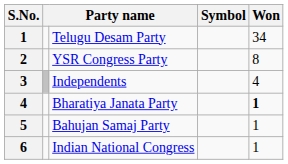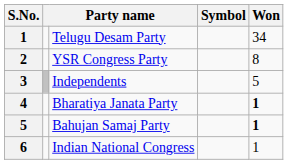 <table CLASS="sortable wikitable">
 <tr>
 <th>S.No.</th>
 <th colspan=2>Party name</th>
 <th>Symbol</th>
 <th>Won</th>
 </tr>
 <tr>
 <th>1</th>
 <td></td>
 <td><a href='#'>Telugu Desam Party</a></td>
 <td></td>
 <td>34</td>
 </tr>
 <tr>
 <th>2</th>
 <td></td>
 <td><a href='#'>YSR Congress Party</a></td>
 <td></td>
 <td>8</td>
 </tr>
 <tr>
 <th>3</th>
 <td bgcolor=#C1C1C1></td>
 <td><a href='#'>Independents</a></td>
 <td></td>
-<td>4</td>
+<td>5</td>
 </tr>
 <tr>
 <th>4</th>
 <td></td>
 <td><a href='#'>Bharatiya Janata Party</a></td>
 <td></td>
 <td><strong>1</strong></td>
 </tr>
 <tr>
 <th>5</th>
 <td></td>
 <td><a href='#'>Bahujan Samaj Party</a></td>
 <td></td>
-<td>1</td>
+<td><strong>1</strong></td>
 </tr>
 <tr>
 <th>6</th>
 <td></td>
 <td><a href='#'>Indian National Congress</a></td>
 <td></td>
 <td>1</td>
 </tr>
 </table>
